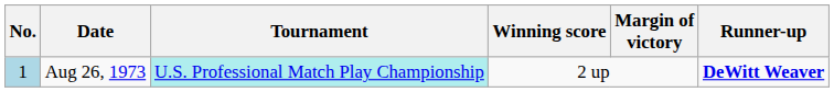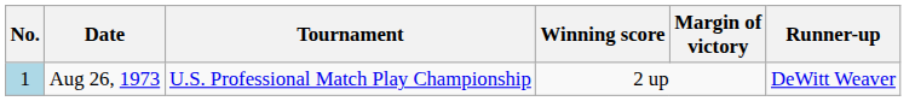 <table class="wikitable" style="font-size:95%;">
 <tr>
 <th>No.</th>
 <th>Date</th>
 <th>Tournament</th>
 <th>Winning score</th>
 <th>Margin of<br>victory</th>
 <th>Runner-up</th>
 </tr>
 <tr>
 <td align=center style="background: lightblue;">1</td>
 <td align=right>Aug 26, <a href='#'>1973</a></td>
-<td style="background: paleturquoise;"><a href='#'>U.S. Professional Match Play Championship</a></td>
+<td><a href='#'>U.S. Professional Match Play Championship</a></td>
 <td colspan=2 align=center>2 up</td>
-<td><strong> <a href='#'>DeWitt Weaver</a></strong></td>
+<td> <a href='#'>DeWitt Weaver</a></td>
 </tr>
 </table>
